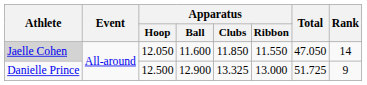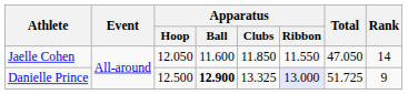 <table class=wikitable style="font-size:90%">
 <tr>
 <th rowspan=2>Athlete</th>
 <th rowspan=2>Event</th>
 <th colspan=4>Apparatus</th>
 <th rowspan=2>Total</th>
 <th rowspan=2>Rank</th>
 </tr>
 <tr style="font-size:95%;">
 <th>Hoop</th>
 <th>Ball</th>
 <th>Clubs</th>
 <th>Ribbon</th>
 </tr>
 <tr align=center>
-<td align=left style="background: lightgrey;"><a href='#'>Jaelle Cohen</a></td>
+<td align=left><a href='#'>Jaelle Cohen</a></td>
 <td align=left rowspan=2><a href='#'>All-around</a></td>
 <td>12.050</td>
 <td>11.600</td>
 <td>11.850</td>
 <td>11.550</td>
 <td>47.050</td>
 <td>14</td>
 </tr>
 <tr align=center>
 <td align=left><a href='#'>Danielle Prince</a></td>
 <td>12.500</td>
-<td>12.900</td>
+<td><strong>12.900</strong></td>
 <td>13.325</td>
-<td>13.000</td>
+<td style="background: lavender;">13.000</td>
 <td>51.725</td>
 <td>9</td>
 </tr>
 </table>
